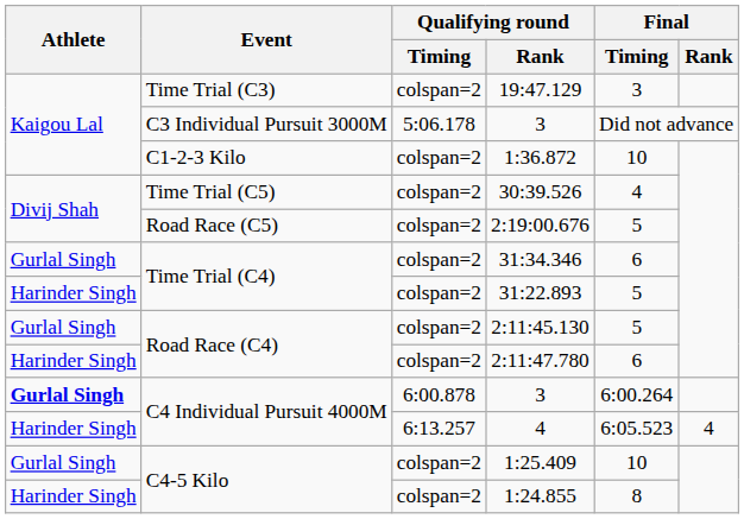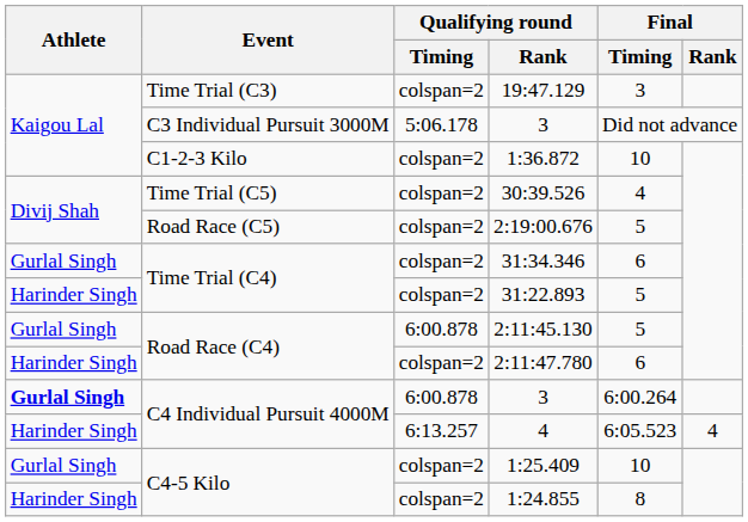 <table class=wikitable style="text-align:center; font-size:90%">
 <tr>
 <th rowspan="2">Athlete</th>
 <th rowspan="2">Event</th>
 <th colspan="2">Qualifying round</th>
 <th colspan="2">Final</th>
 </tr>
 <tr>
 <th>Timing</th>
 <th>Rank</th>
 <th>Timing</th>
 <th>Rank</th>
 </tr>
 <tr>
 <td align="left" rowspan=3><a href='#'>Kaigou Lal</a></td>
 <td align="left">Time Trial (C3)</td>
 <td>colspan=2 </td>
 <td>19:47.129</td>
 <td>3</td>
 </tr>
 <tr>
 <td align="left">C3 Individual Pursuit 3000M</td>
 <td>5:06.178</td>
 <td>3</td>
 <td colspan=2>Did not advance</td>
 </tr>
 <tr>
 <td align="left">C1-2-3 Kilo</td>
 <td>colspan=2 </td>
 <td>1:36.872</td>
 <td>10</td>
 </tr>
 <tr>
 <td align="left" rowspan=2><a href='#'>Divij Shah</a></td>
 <td align="left">Time Trial (C5)</td>
 <td>colspan=2 </td>
 <td>30:39.526</td>
 <td>4</td>
 </tr>
 <tr>
 <td align="left">Road Race (C5)</td>
 <td>colspan=2 </td>
 <td>2:19:00.676</td>
 <td>5</td>
 </tr>
 <tr>
 <td align="left"><a href='#'>Gurlal Singh</a></td>
 <td align="left" rowspan="2">Time Trial (C4)</td>
 <td>colspan=2 </td>
 <td>31:34.346</td>
 <td>6</td>
 </tr>
 <tr>
 <td><a href='#'>Harinder Singh</a></td>
 <td>colspan=2 </td>
 <td>31:22.893</td>
 <td>5</td>
 </tr>
 <tr>
 <td align="left"><a href='#'>Gurlal Singh</a></td>
 <td align="left" rowspan="2">Road Race (C4)</td>
-<td>colspan=2 </td>
+<td>6:00.878</td>
 <td>2:11:45.130</td>
 <td>5</td>
 </tr>
 <tr>
 <td align="left"><a href='#'>Harinder Singh</a></td>
 <td>colspan=2 </td>
 <td>2:11:47.780</td>
 <td>6</td>
 </tr>
 <tr>
 <td align="left"><strong><a href='#'>Gurlal Singh</a></strong></td>
 <td align="left" rowspan="2">C4 Individual Pursuit 4000M</td>
 <td>6:00.878</td>
 <td>3</td>
 <td>6:00.264</td>
 <td></td>
 </tr>
 <tr>
 <td align="left"><a href='#'>Harinder Singh</a></td>
 <td>6:13.257</td>
 <td>4</td>
 <td>6:05.523</td>
 <td>4</td>
 </tr>
 <tr>
 <td align="left"><a href='#'>Gurlal Singh</a></td>
 <td align="left" rowspan="2">C4-5 Kilo</td>
 <td>colspan=2 </td>
 <td>1:25.409</td>
 <td>10</td>
 </tr>
 <tr>
 <td align="left"><a href='#'>Harinder Singh</a></td>
 <td>colspan=2 </td>
 <td>1:24.855</td>
 <td>8</td>
 </tr>
 </table>
